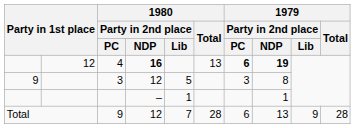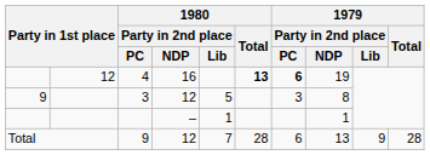 <table class="wikitable" style="text-align:right;">
 <tr>
 <th rowspan="3" colspan="2" style="text-align:left;">Party in 1st place</th>
 <th colspan="4">1980</th>
 <th colspan="4">1979</th>
 </tr>
 <tr>
 <th colspan="3">Party in 2nd place</th>
 <th rowspan="2">Total</th>
 <th colspan="3">Party in 2nd place</th>
 <th rowspan="2">Total</th>
 </tr>
 <tr>
 <th>PC</th>
 <th>NDP</th>
 <th>Lib</th>
 <th>PC</th>
 <th>NDP</th>
 <th>Lib</th>
 </tr>
 <tr>
 <td></td>
 <td>12</td>
 <td>4</td>
-<td><strong>16</strong></td>
+<td>16</td>
 <td></td>
-<td>13</td>
+<td><strong>13</strong></td>
 <td><strong>6</strong></td>
-<td><strong>19</strong></td>
+<td>19</td>
 </tr>
 <tr>
 <td>9</td>
 <td></td>
 <td>3</td>
 <td>12</td>
 <td>5</td>
 <td></td>
 <td>3</td>
 <td>8</td>
 </tr>
 <tr>
 <td></td>
 <td></td>
 <td></td>
 <td>–</td>
 <td>1</td>
 <td></td>
 <td></td>
 <td>1</td>
 </tr>
 <tr>
 <td colspan="2" style="text-align:left;">Total</td>
 <td>9</td>
 <td>12</td>
 <td>7</td>
 <td>28</td>
 <td>6</td>
 <td>13</td>
 <td>9</td>
 <td>28</td>
 </tr>
 </table>
